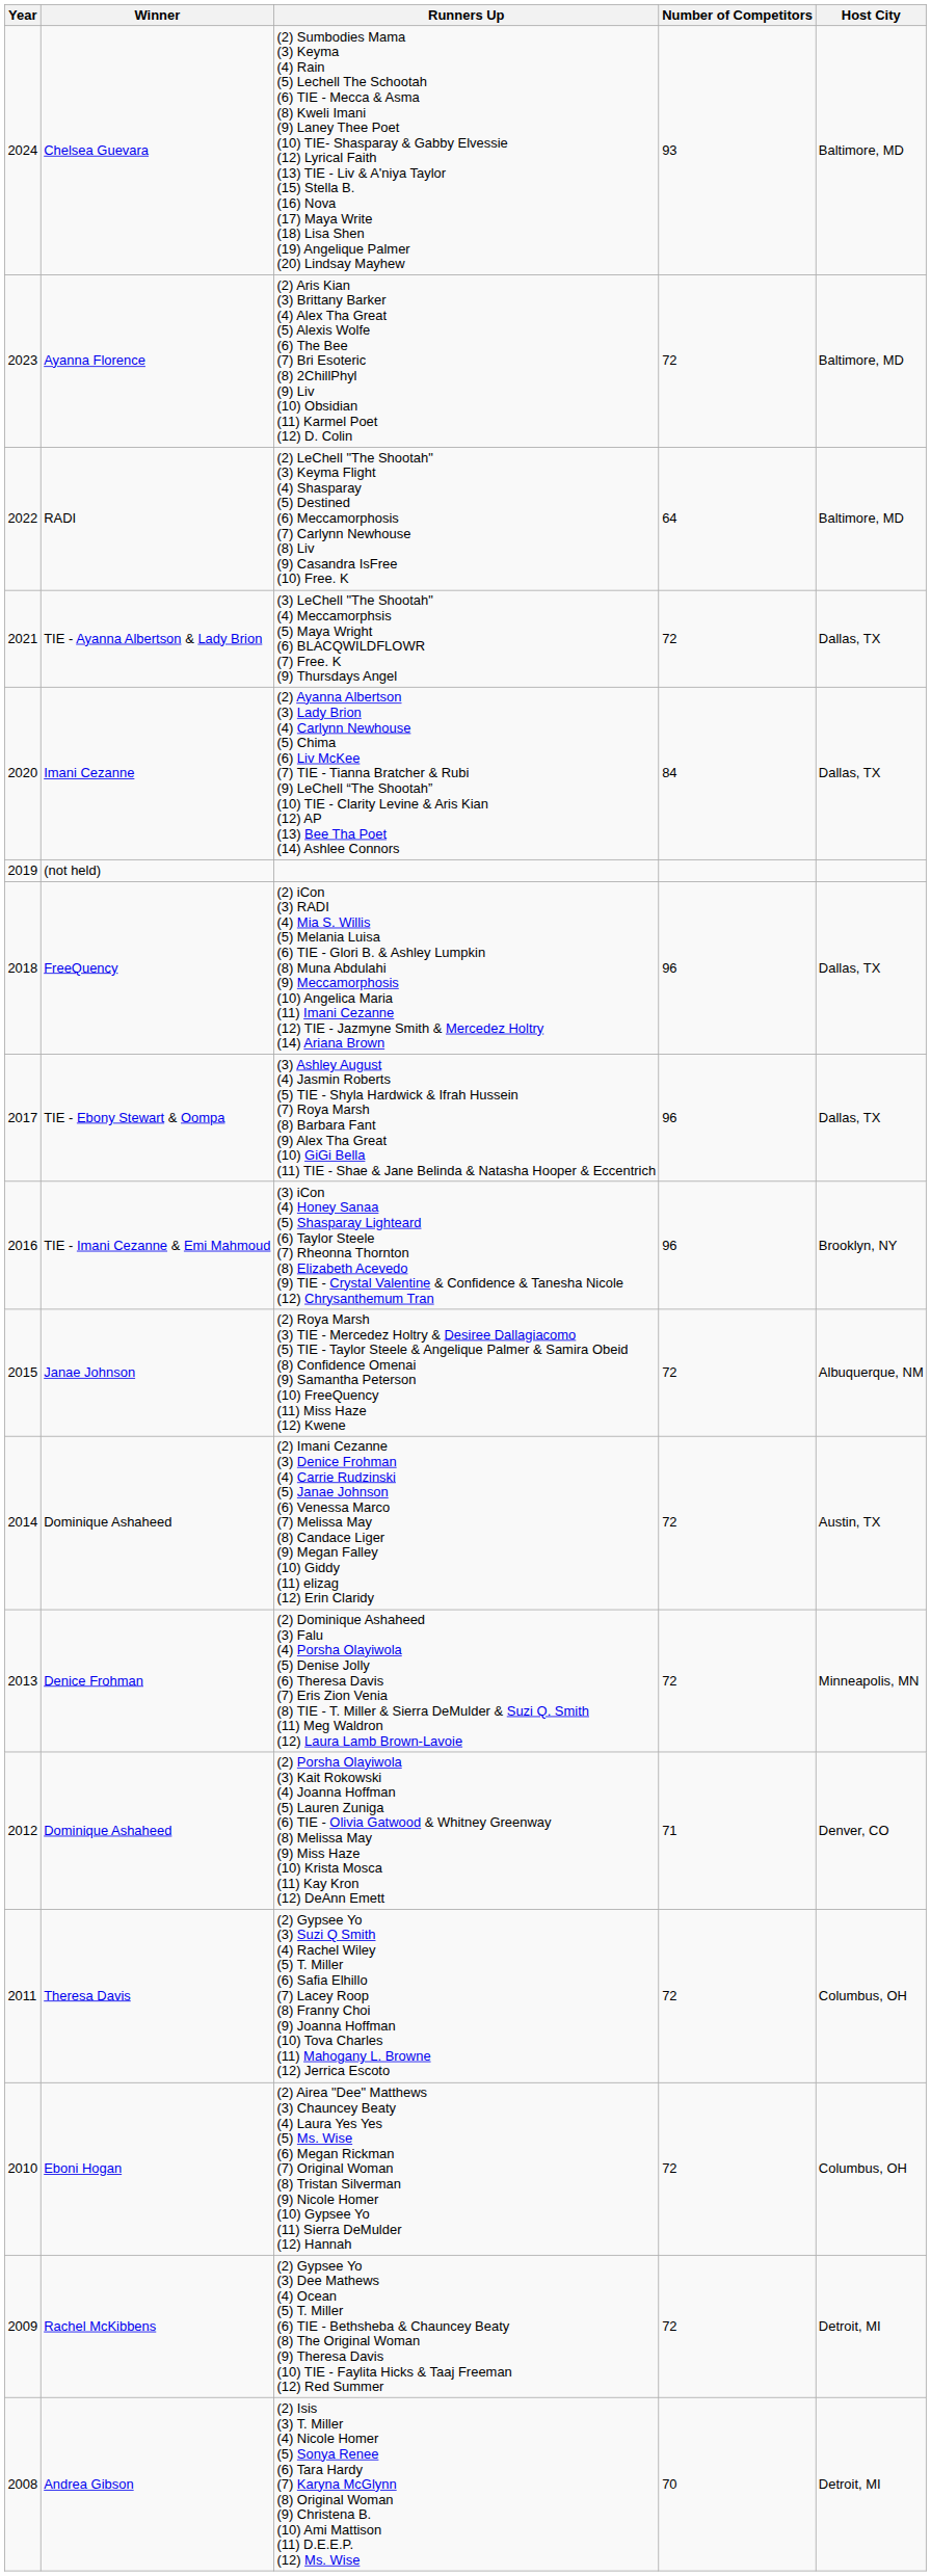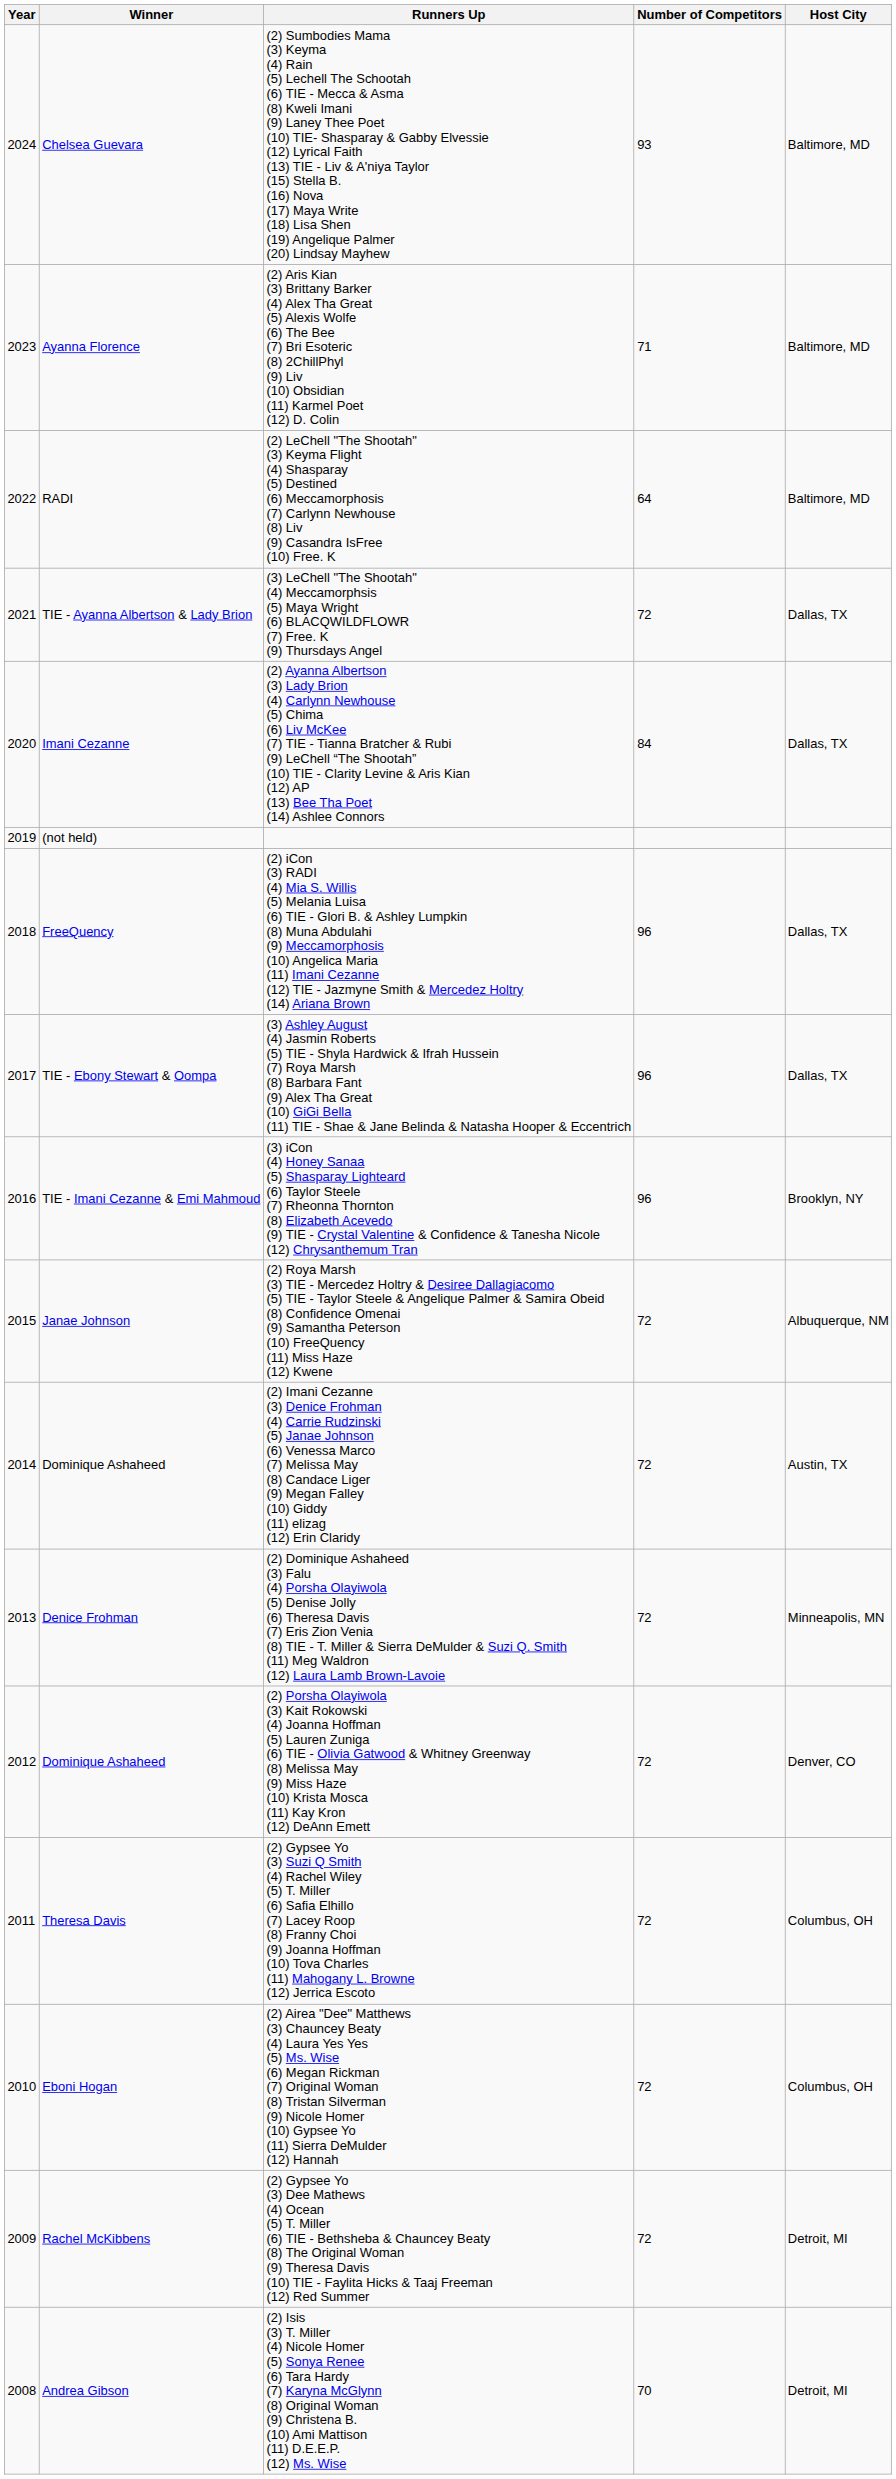 <table class="wikitable">
 <tr>
 <th>Year</th>
 <th>Winner</th>
 <th>Runners Up</th>
 <th>Number of Competitors</th>
 <th>Host City</th>
 </tr>
 <tr>
 <td>2024</td>
 <td><a href='#'>Chelsea Guevara</a></td>
 <td>(2) Sumbodies Mama<br> (3) Keyma <br> (4) Rain <br> (5)  Lechell The Schootah <br> (6) TIE - Mecca & Asma <br> (8) Kweli Imani<br> (9) Laney Thee Poet<br> (10) TIE- Shasparay & Gabby Elvessie<br> (12) Lyrical Faith<br> (13) TIE - Liv & A'niya Taylor <br> (15) Stella B. <br> (16) Nova <br> (17) Maya Write <br> (18) Lisa Shen <br> (19) Angelique Palmer <br> (20) Lindsay Mayhew</td>
 <td>93 </td>
 <td>Baltimore, MD</td>
 </tr>
 <tr>
 <td>2023</td>
 <td><a href='#'>Ayanna Florence</a></td>
 <td>(2) Aris Kian <br>(3) Brittany Barker <br>(4) Alex Tha Great <br>(5) Alexis Wolfe <br>(6) The Bee <br>(7) Bri Esoteric <br>(8) 2ChillPhyl <br>(9) Liv <br>(10) Obsidian <br>(11) Karmel Poet <br>(12) D. Colin</td>
-<td>72</td>
+<td>71</td>
 <td>Baltimore, MD</td>
 </tr>
 <tr>
 <td>2022</td>
 <td>RADI</td>
 <td>(2) LeChell "The Shootah"<br>(3) Keyma Flight<br>(4) Shasparay<br>(5) Destined<br>(6) Meccamorphosis <br>(7) Carlynn Newhouse <br>(8) Liv <br>(9) Casandra IsFree <br>(10) Free. K</td>
 <td>64</td>
 <td>Baltimore, MD</td>
 </tr>
 <tr>
 <td>2021</td>
 <td>TIE - <a href='#'>Ayanna Albertson</a> & <a href='#'>Lady Brion</a></td>
 <td>(3) LeChell "The Shootah" <br>(4) Meccamorphsis<br>(5) Maya Wright<br>(6) BLACQWILDFLOWR<br>(7) Free. K <br>(9) Thursdays Angel</td>
 <td>72</td>
 <td>Dallas, TX</td>
 </tr>
 <tr>
 <td>2020</td>
 <td><a href='#'>Imani Cezanne</a></td>
 <td>(2) <a href='#'>Ayanna Albertson</a><br>(3) <a href='#'>Lady Brion</a><br>(4) <a href='#'>Carlynn Newhouse</a><br>(5) Chima<br>(6) <a href='#'>Liv McKee</a><br>(7) TIE - Tianna Bratcher & Rubi<br>(9) LeChell “The Shootah”<br>(10) TIE - Clarity Levine & Aris Kian<br>(12)  AP<br>(13) <a href='#'>Bee Tha Poet</a><br>(14) Ashlee Connors</td>
 <td>84</td>
 <td>Dallas, TX</td>
 </tr>
 <tr>
 <td>2019</td>
 <td>(not held)</td>
 <td></td>
 <td></td>
 </tr>
 <tr>
 <td>2018</td>
 <td><a href='#'>FreeQuency</a></td>
 <td>(2) iCon <br>(3) RADI<br>(4) <a href='#'>Mia S. Willis</a><br>(5) Melania Luisa<br>(6) TIE - Glori B. & Ashley Lumpkin<br>(8) Muna Abdulahi<br>(9) <a href='#'>Meccamorphosis</a><br>(10) Angelica Maria<br>(11) <a href='#'>Imani Cezanne</a><br>(12) TIE - Jazmyne Smith & <a href='#'>Mercedez Holtry</a><br>(14) <a href='#'>Ariana Brown</a></td>
 <td>96</td>
 <td>Dallas, TX</td>
 </tr>
 <tr>
 <td>2017</td>
 <td>TIE - <a href='#'>Ebony Stewart</a> & <a href='#'>Oompa</a></td>
 <td>(3) <a href='#'>Ashley August</a><br>(4) Jasmin Roberts<br>(5) TIE - Shyla Hardwick & Ifrah Hussein<br>(7) Roya Marsh<br>(8) Barbara Fant<br>(9) Alex Tha Great<br>(10) <a href='#'>GiGi Bella</a><br>(11) TIE - Shae & Jane Belinda & Natasha Hooper & Eccentrich</td>
 <td>96</td>
 <td>Dallas, TX</td>
 </tr>
 <tr>
 <td>2016</td>
 <td>TIE - <a href='#'>Imani Cezanne</a> & <a href='#'>Emi Mahmoud</a></td>
 <td>(3) iCon<br>(4) <a href='#'>Honey Sanaa</a><br>(5) <a href='#'>Shasparay Lighteard</a><br>(6) Taylor Steele<br>(7) Rheonna Thornton<br>(8) <a href='#'>Elizabeth Acevedo</a><br>(9) TIE - <a href='#'>Crystal Valentine</a> & Confidence & Tanesha Nicole<br>(12) <a href='#'>Chrysanthemum Tran</a></td>
 <td>96</td>
 <td>Brooklyn, NY</td>
 </tr>
 <tr>
 <td>2015</td>
 <td><a href='#'>Janae Johnson</a></td>
 <td>(2) Roya Marsh<br>(3) TIE - Mercedez Holtry & <a href='#'>Desiree Dallagiacomo</a><br>(5) TIE - Taylor Steele & Angelique Palmer & Samira Obeid<br>(8) Confidence Omenai<br>(9) Samantha Peterson<br>(10) FreeQuency<br>(11) Miss Haze<br>(12) Kwene</td>
 <td>72</td>
 <td>Albuquerque, NM</td>
 </tr>
 <tr>
 <td>2014</td>
 <td>Dominique Ashaheed</td>
 <td>(2) Imani Cezanne<br>(3) <a href='#'>Denice Frohman</a><br>(4) <a href='#'>Carrie Rudzinski</a><br>(5) <a href='#'>Janae Johnson</a><br>(6) Venessa Marco<br>(7) Melissa May<br>(8) Candace Liger<br>(9) Megan Falley<br>(10) Giddy<br>(11) elizag<br>(12) Erin Claridy</td>
 <td>72</td>
 <td>Austin, TX</td>
 </tr>
 <tr>
 <td>2013</td>
 <td><a href='#'>Denice Frohman</a></td>
 <td>(2) Dominique Ashaheed<br>(3) Falu<br>(4) <a href='#'>Porsha Olayiwola</a><br>(5) Denise Jolly<br>(6) Theresa Davis<br>(7) Eris Zion Venia<br>(8) TIE - T. Miller & Sierra DeMulder & <a href='#'>Suzi Q. Smith</a><br>(11) Meg Waldron<br>(12) <a href='#'>Laura Lamb Brown-Lavoie</a></td>
 <td>72</td>
 <td>Minneapolis, MN</td>
 </tr>
 <tr>
 <td>2012</td>
 <td><a href='#'>Dominique Ashaheed</a></td>
 <td>(2) <a href='#'>Porsha Olayiwola</a><br>(3) Kait Rokowski<br>(4) Joanna Hoffman<br>(5) Lauren Zuniga<br>(6) TIE - <a href='#'>Olivia Gatwood</a> & Whitney Greenway<br>(8) Melissa May<br>(9) Miss Haze<br>(10) Krista Mosca<br>(11) Kay Kron<br>(12) DeAnn Emett</td>
-<td>71</td>
+<td>72</td>
 <td>Denver, CO</td>
 </tr>
 <tr>
 <td>2011</td>
 <td><a href='#'>Theresa Davis</a></td>
 <td>(2) Gypsee Yo<br>(3) <a href='#'>Suzi Q Smith</a><br>(4) Rachel Wiley<br>(5) T. Miller<br>(6) Safia Elhillo<br>(7) Lacey Roop<br>(8) Franny Choi<br>(9) Joanna Hoffman<br>(10) Tova Charles<br>(11) <a href='#'>Mahogany L. Browne</a><br>(12) Jerrica Escoto</td>
 <td>72</td>
 <td>Columbus, OH</td>
 </tr>
 <tr>
 <td>2010</td>
 <td><a href='#'>Eboni Hogan</a></td>
 <td>(2) Airea "Dee" Matthews<br>(3) Chauncey Beaty<br>(4) Laura Yes Yes<br>(5) <a href='#'>Ms. Wise</a><br>(6) Megan Rickman<br>(7) Original Woman<br>(8) Tristan Silverman<br>(9) Nicole Homer<br>(10) Gypsee Yo<br>(11) Sierra DeMulder<br>(12) Hannah</td>
 <td>72</td>
 <td>Columbus, OH</td>
 </tr>
 <tr>
 <td>2009</td>
 <td><a href='#'>Rachel McKibbens</a></td>
 <td>(2) Gypsee Yo<br>(3) Dee Mathews<br>(4) Ocean<br>(5) T. Miller<br>(6) TIE - Bethsheba & Chauncey Beaty<br>(8) The Original Woman<br>(9) Theresa Davis<br>(10) TIE - Faylita Hicks & Taaj Freeman<br>(12) Red Summer</td>
 <td>72</td>
 <td>Detroit, MI</td>
 </tr>
 <tr>
 <td>2008</td>
 <td><a href='#'>Andrea Gibson</a></td>
 <td>(2) Isis<br>(3) T. Miller <br>(4) Nicole Homer <br>(5) <a href='#'>Sonya Renee</a> <br>(6) Tara Hardy <br>(7) <a href='#'>Karyna McGlynn</a> <br>(8) Original Woman <br>(9) Christena B. <br>(10) Ami Mattison <br>(11) D.E.E.P. <br>(12) <a href='#'>Ms. Wise</a></td>
 <td>70</td>
 <td>Detroit, MI</td>
 </tr>
 </table>
